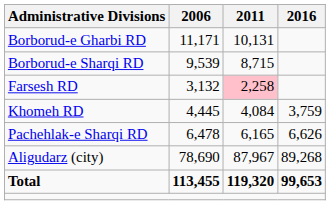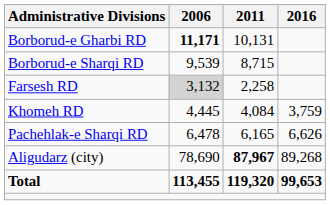 <table class="wikitable">
 <tr>
 <th>Administrative Divisions</th>
 <th>2006</th>
 <th>2011</th>
 <th>2016</th>
 </tr>
 <tr>
 <td><a href='#'>Borborud-e Gharbi RD</a></td>
-<td style="text-align: right;">11,171</td>
+<td style="text-align: right;"><strong>11,171</strong></td>
 <td style="text-align: right;">10,131</td>
 <td style="text-align: right;"></td>
 </tr>
 <tr>
 <td><a href='#'>Borborud-e Sharqi RD</a></td>
 <td style="text-align: right;">9,539</td>
 <td style="text-align: right;">8,715</td>
 <td style="text-align: right;"></td>
 </tr>
 <tr>
 <td><a href='#'>Farsesh RD</a></td>
-<td style="text-align: right;">3,132</td>
-<td style="background: pink; text-align: right;">2,258</td>
+<td style="background: lightgrey; text-align: right;">3,132</td>
+<td style="text-align: right;">2,258</td>
 <td style="text-align: right;"></td>
 </tr>
 <tr>
 <td><a href='#'>Khomeh RD</a></td>
 <td style="text-align: right;">4,445</td>
 <td style="text-align: right;">4,084</td>
 <td style="text-align: right;">3,759</td>
 </tr>
 <tr>
 <td><a href='#'>Pachehlak-e Sharqi RD</a></td>
 <td style="text-align: right;">6,478</td>
 <td style="text-align: right;">6,165</td>
 <td style="text-align: right;">6,626</td>
 </tr>
 <tr>
 <td><a href='#'>Aligudarz</a> (city)</td>
 <td style="text-align: right;">78,690</td>
-<td style="text-align: right;">87,967</td>
+<td style="text-align: right;"><strong>87,967</strong></td>
 <td style="text-align: right;">89,268</td>
 </tr>
 <tr>
 <td><strong>Total</strong></td>
 <td style="text-align: right;"><strong>113,455</strong></td>
 <td style="text-align: right;"><strong>119,320</strong></td>
 <td style="text-align: right;"><strong>99,653</strong></td>
 </tr>
 <tr>
 <td colspan=4></td>
 </tr>
 </table>
